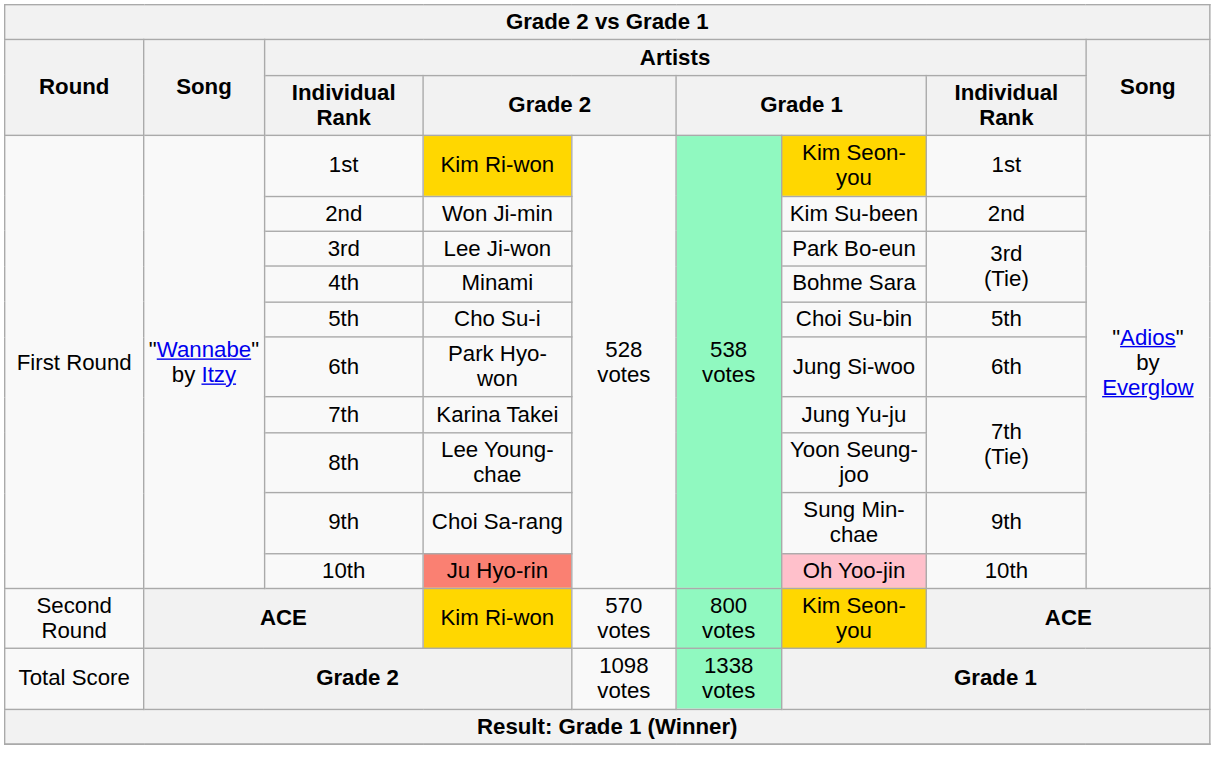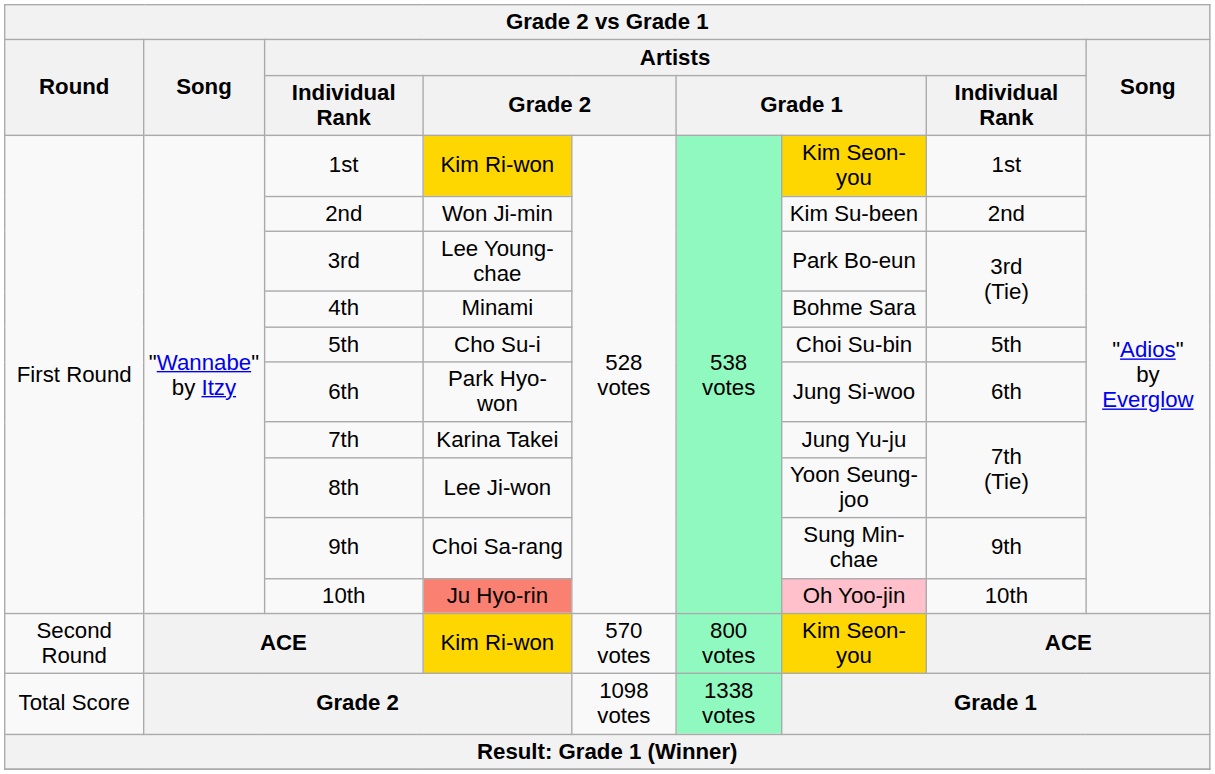 <table class="wikitable" style="text-align: center">
 <tr>
 <th colspan="9">Grade 2 vs Grade 1</th>
 </tr>
 <tr>
 <th rowspan="2">Round</th>
 <th rowspan="2">Song</th>
 <th colspan="6">Artists</th>
 <th rowspan="2">Song</th>
 </tr>
 <tr>
 <th>Individual Rank</th>
 <th colspan="2">Grade 2</th>
 <th colspan="2">Grade 1</th>
 <th>Individual Rank</th>
 </tr>
 <tr>
 <td rowspan="10">First Round</td>
 <td rowspan="10">"<a href='#'>Wannabe</a>"<br>by <a href='#'>Itzy</a></td>
 <td>1st</td>
 <td style="background:gold;">Kim Ri-won</td>
 <td rowspan="10">528<br>votes</td>
 <td rowspan="10" style="background:#90F9C0">538<br>votes</td>
 <td style="background:gold;">Kim Seon-you</td>
 <td>1st</td>
 <td rowspan="10">"<a href='#'>Adios</a>"<br>by <a href='#'>Everglow</a></td>
 </tr>
 <tr>
 <td>2nd</td>
 <td>Won Ji-min</td>
 <td>Kim Su-been</td>
 <td>2nd</td>
 </tr>
 <tr>
 <td>3rd</td>
-<td>Lee Ji-won</td>
+<td>Lee Young-chae</td>
 <td>Park Bo-eun</td>
 <td rowspan="2">3rd<br>(Tie)</td>
 </tr>
 <tr>
 <td>4th</td>
 <td>Minami</td>
 <td>Bohme Sara</td>
 </tr>
 <tr>
 <td>5th</td>
 <td>Cho Su-i</td>
 <td>Choi Su-bin</td>
 <td>5th</td>
 </tr>
 <tr>
 <td>6th</td>
 <td>Park Hyo-won</td>
 <td>Jung Si-woo</td>
 <td>6th</td>
 </tr>
 <tr>
 <td>7th</td>
 <td>Karina Takei</td>
 <td>Jung Yu-ju</td>
 <td rowspan="2">7th<br>(Tie)</td>
 </tr>
 <tr>
 <td>8th</td>
-<td>Lee Young-chae</td>
+<td>Lee Ji-won</td>
 <td>Yoon Seung-joo</td>
 </tr>
 <tr>
 <td>9th</td>
 <td>Choi Sa-rang</td>
 <td>Sung Min-chae</td>
 <td>9th</td>
 </tr>
 <tr>
 <td>10th</td>
 <td style="background:salmon;">Ju Hyo-rin</td>
 <td style="background:pink;">Oh Yoo-jin</td>
 <td>10th</td>
 </tr>
 <tr>
 <td>Second Round</td>
 <th colspan="2">ACE</th>
 <td style="background:gold;">Kim Ri-won</td>
 <td>570 votes</td>
 <td style="background:#90F9C0">800 votes</td>
 <td style="background:gold;">Kim Seon-you</td>
 <th colspan="2">ACE</th>
 </tr>
 <tr>
 <td>Total Score</td>
 <th colspan="3">Grade 2</th>
 <td>1098 votes</td>
 <td style="background:#90F9C0">1338 votes</td>
 <th colspan="3">Grade 1</th>
 </tr>
 <tr>
 <th colspan="9">Result: Grade 1 (Winner)</th>
 </tr>
 <tr>
 </tr>
 </table>
